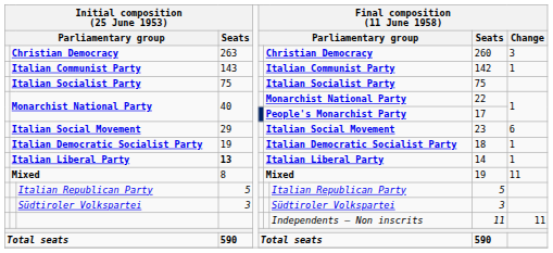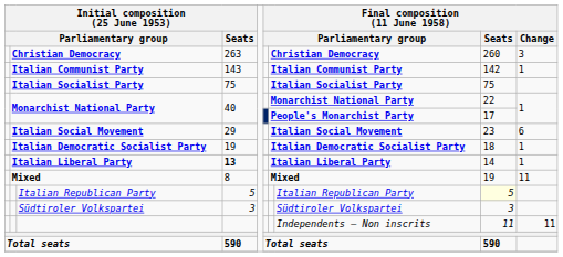 <table class="wikitable" style="width : 60%;">
 <tr>
 <th colspan="4">Initial composition<br>(25 June 1953)</th>
 <td rowspan="30" style="width : 1%;"></td>
 <th colspan="5">Final composition<br>(11 June 1958)</th>
 </tr>
 <tr>
 <th colspan="3">Parliamentary group</th>
 <th>Seats</th>
 <th colspan="3">Parliamentary group</th>
 <th>Seats</th>
 <th>Change</th>
 </tr>
 <tr>
 <td></td>
 <td colspan = "2"><strong><a href='#'>Christian Democracy</a></strong></td>
 <td>263</td>
 <td></td>
 <td colspan = "2"><strong><a href='#'>Christian Democracy</a></strong></td>
 <td>260</td>
 <td> 3</td>
 </tr>
 <tr>
 <td></td>
 <td colspan = "2"><strong><a href='#'>Italian Communist Party</a></strong></td>
 <td>143</td>
 <td></td>
 <td colspan = "2"><strong><a href='#'>Italian Communist Party</a></strong></td>
 <td>142</td>
 <td> 1</td>
 </tr>
 <tr>
 <td></td>
 <td colspan = "2"><strong><a href='#'>Italian Socialist Party</a></strong></td>
 <td>75</td>
 <td></td>
 <td colspan = "2"><strong><a href='#'>Italian Socialist Party</a></strong></td>
 <td>75</td>
 <td></td>
 </tr>
 <tr>
 <td rowspan=2></td>
 <td rowspan=2 colspan = "2"><strong><a href='#'>Monarchist National Party</a></strong></td>
 <td rowspan=2>40</td>
 <td></td>
 <td colspan = "2"><strong><a href='#'>Monarchist National Party</a></strong></td>
 <td>22</td>
 <td rowspan=2> 1</td>
 </tr>
 <tr>
 <td bgcolor="#002366" width=1%></td>
 <td colspan = "2"><strong><a href='#'>People's Monarchist Party</a></strong></td>
 <td>17</td>
 </tr>
 <tr>
 <td></td>
 <td colspan = "2"><strong><a href='#'>Italian Social Movement</a></strong></td>
 <td>29</td>
 <td></td>
 <td colspan = "2"><strong><a href='#'>Italian Social Movement</a></strong></td>
 <td>23</td>
 <td> 6</td>
 </tr>
 <tr>
 <td></td>
 <td colspan = "2"><strong><a href='#'>Italian Democratic Socialist Party</a></strong></td>
 <td>19</td>
 <td></td>
 <td colspan = "2"><strong><a href='#'>Italian Democratic Socialist Party</a></strong></td>
 <td>18</td>
 <td> 1</td>
 </tr>
 <tr>
 <td></td>
 <td colspan = "2"><strong><a href='#'>Italian Liberal Party</a></strong></td>
 <td><strong>13</strong></td>
 <td></td>
 <td colspan = "2"><strong><a href='#'>Italian Liberal Party</a></strong></td>
 <td>14</td>
 <td> 1</td>
 </tr>
 <tr>
 <td></td>
 <td colspan = "2"><strong>Mixed</strong></td>
 <td>8</td>
 <td></td>
 <td colspan = "2"><strong>Mixed</strong></td>
 <td>19</td>
 <td> 11</td>
 </tr>
 <tr>
 <td></td>
 <td></td>
 <td><em><a href='#'>Italian Republican Party</a></em></td>
 <td align="right"><em>5</em></td>
 <td></td>
 <td></td>
 <td><em><a href='#'>Italian Republican Party</a></em></td>
-<td align="right"><em>5</em></td>
+<td align="right" style="background: lightyellow;"><em>5</em></td>
 <td align="right"></td>
 </tr>
 <tr>
 <td></td>
 <td></td>
 <td><em><a href='#'>Südtiroler Volkspartei</a></em></td>
 <td align="right"><em>3</em></td>
 <td></td>
 <td></td>
 <td><em><a href='#'>Südtiroler Volkspartei</a></em></td>
 <td align="right"><em>3</em></td>
 <td align="right"></td>
 </tr>
 <tr>
 <td></td>
 <td></td>
 <td></td>
 <td></td>
 <td></td>
 <td></td>
 <td><em>Independents – Non inscrits</em></td>
 <td align="right"><em>11</em></td>
 <td align="right"> 11</td>
 </tr>
 <tr>
 <th colspan="4"></th>
 <th colspan="5"></th>
 </tr>
 <tr>
 <td colspan="3"><strong><em>Total seats</em></strong></td>
 <td><strong>590</strong></td>
 <td colspan="3"><strong><em>Total seats</em></strong></td>
 <td><strong>590</strong></td>
 <td></td>
 </tr>
 <tr>
 </tr>
 </table>
